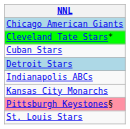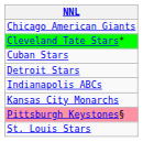 <table class="wikitable" style="font-size:100%;line-height:1.1;">
 <tr>
 <th><a href='#'>NNL</a></th>
 </tr>
 <tr>
-<td style="background: lightblue;"><a href='#'>Chicago American Giants</a></td>
+<td><a href='#'>Chicago American Giants</a></td>
 </tr>
 <tr>
 <td style="background-color: #00FF00;"><a href='#'>Cleveland Tate Stars</a>*</td>
 </tr>
 <tr>
 <td><a href='#'>Cuban Stars</a></td>
 </tr>
 <tr>
-<td style="background: lightblue;"><a href='#'>Detroit Stars</a></td>
+<td><a href='#'>Detroit Stars</a></td>
 </tr>
 <tr>
 <td><a href='#'>Indianapolis ABCs</a></td>
 </tr>
 <tr>
 <td><a href='#'>Kansas City Monarchs</a></td>
 </tr>
 <tr>
 <td style="background-color: #FF91A4;"><a href='#'>Pittsburgh Keystones</a>§</td>
 </tr>
 <tr>
 <td><a href='#'>St. Louis Stars</a></td>
 </tr>
 </table>
